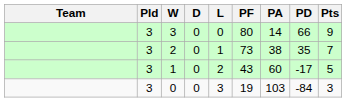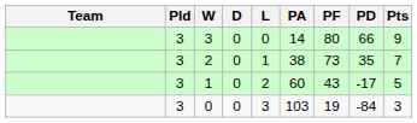 <table class="wikitable" style="text-align:center;">
 <tr>
 <th width=175>Team</th>
 <th width=25 abbr="Played">Pld</th>
 <th width=25 abbr="Won">W</th>
 <th width=25 abbr="Drawn">D</th>
 <th width=25 abbr="Lost">L</th>
+<th width=32 abbr="Points against">PA</th>
 <th width=32 abbr="Points for">PF</th>
-<th width=32 abbr="Points against">PA</th>
 <th width=32 abbr="Points difference">PD</th>
 <th width=25 abbr="Points">Pts</th>
 </tr>
 <tr bgcolor=ccffcc>
 <td align=left></td>
 <td>3</td>
 <td>3</td>
 <td>0</td>
 <td>0</td>
+<td>14</td>
 <td>80</td>
-<td>14</td>
 <td>66</td>
 <td>9</td>
 </tr>
 <tr bgcolor=ccffcc>
 <td align=left></td>
 <td>3</td>
 <td>2</td>
 <td>0</td>
 <td>1</td>
+<td>38</td>
 <td>73</td>
-<td>38</td>
 <td>35</td>
 <td>7</td>
 </tr>
 <tr bgcolor=ccffcc>
 <td align=left></td>
 <td>3</td>
 <td>1</td>
 <td>0</td>
 <td>2</td>
+<td>60</td>
 <td>43</td>
-<td>60</td>
 <td>-17</td>
 <td>5</td>
 </tr>
 <tr>
 <td align=left></td>
 <td>3</td>
 <td>0</td>
 <td>0</td>
 <td>3</td>
+<td>103</td>
 <td>19</td>
-<td>103</td>
 <td>-84</td>
 <td>3</td>
 </tr>
 </table>
